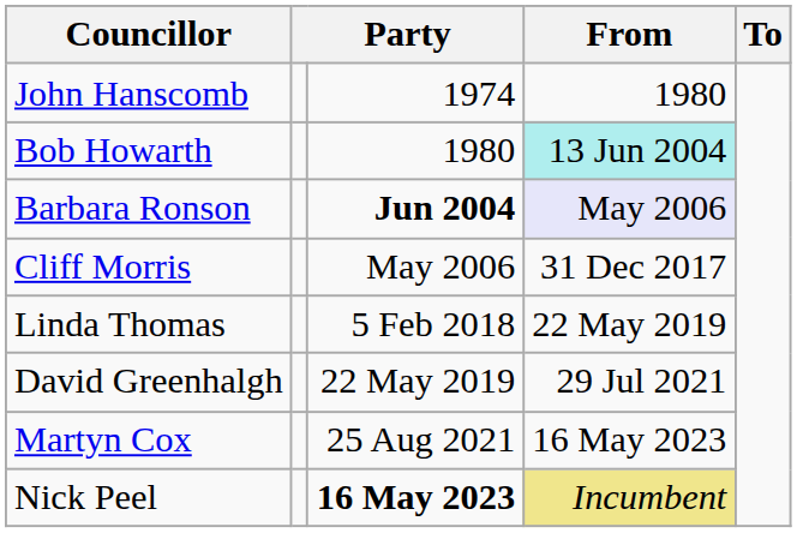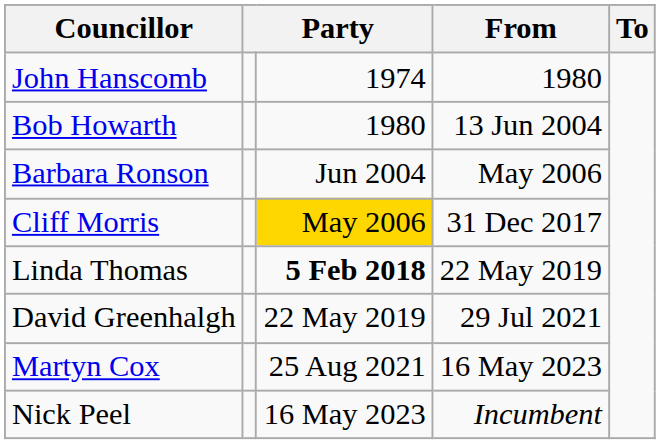 <table class=wikitable>
 <tr>
 <th>Councillor</th>
 <th colspan=2>Party</th>
 <th>From</th>
 <th>To</th>
 </tr>
 <tr>
 <td><a href='#'>John Hanscomb</a></td>
 <td></td>
 <td align=right>1974</td>
 <td align=right>1980</td>
 </tr>
 <tr>
 <td><a href='#'>Bob Howarth</a></td>
 <td></td>
 <td align=right>1980</td>
-<td align=right style="background: paleturquoise;">13 Jun 2004</td>
+<td align=right>13 Jun 2004</td>
 </tr>
 <tr>
 <td><a href='#'>Barbara Ronson</a></td>
 <td></td>
-<td align=right><strong>Jun 2004</strong></td>
-<td align=right style="background: lavender;">May 2006</td>
+<td align=right>Jun 2004</td>
+<td align=right>May 2006</td>
 </tr>
 <tr>
 <td><a href='#'>Cliff Morris</a></td>
 <td></td>
-<td align=right>May 2006</td>
+<td align=right style="background: gold;">May 2006</td>
 <td align=right>31 Dec 2017</td>
 </tr>
 <tr>
 <td>Linda Thomas</td>
 <td></td>
-<td align=right>5 Feb 2018</td>
+<td align=right><strong>5 Feb 2018</strong></td>
 <td align=right>22 May 2019</td>
 </tr>
 <tr>
 <td>David Greenhalgh</td>
 <td></td>
 <td align=right>22 May 2019</td>
 <td align=right>29 Jul 2021</td>
 </tr>
 <tr>
 <td><a href='#'>Martyn Cox</a></td>
 <td></td>
 <td align=right>25 Aug 2021</td>
 <td align=right>16 May 2023</td>
 </tr>
 <tr>
 <td>Nick Peel</td>
 <td></td>
-<td align=right><strong>16 May 2023</strong></td>
-<td align=right style="background: khaki;"><em>Incumbent</em></td>
+<td align=right>16 May 2023</td>
+<td align=right><em>Incumbent</em></td>
 </tr>
 </table>
